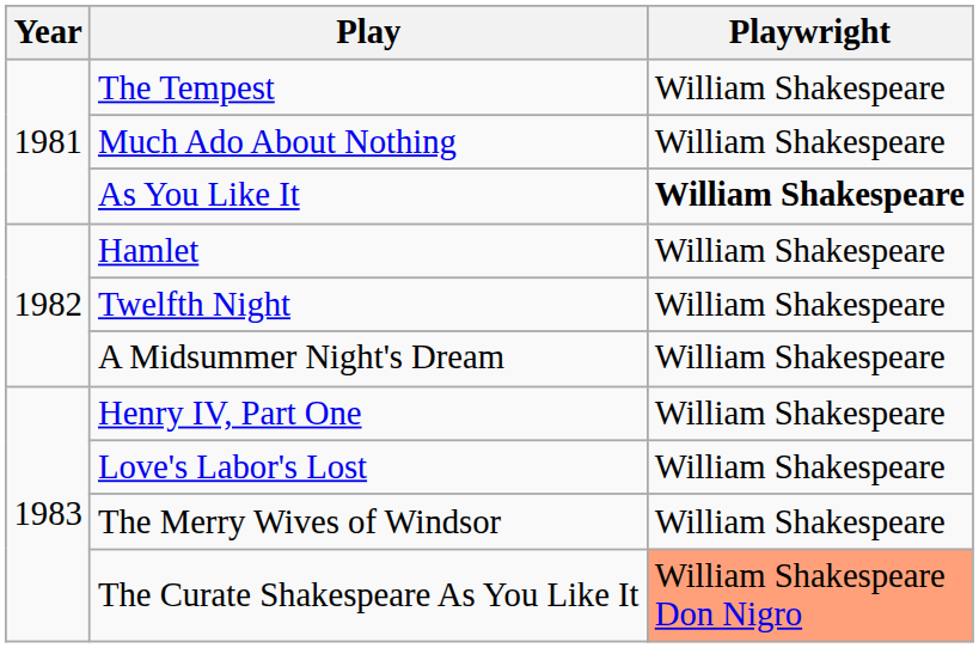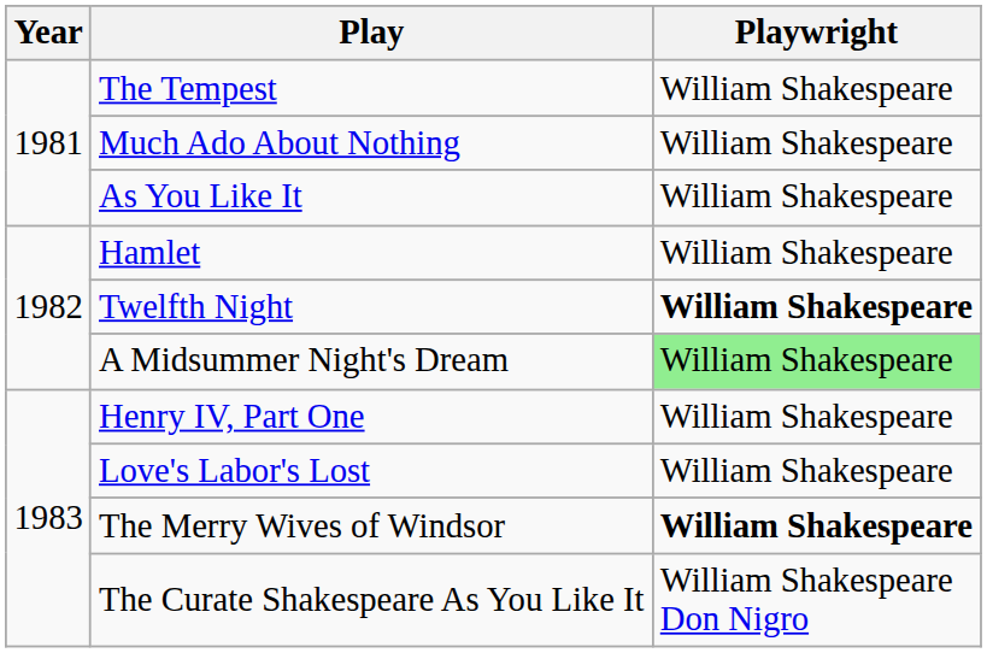 <table class="wikitable mw-collapsible">
 <tr>
 <th>Year</th>
 <th>Play</th>
 <th>Playwright</th>
 </tr>
 <tr>
 <td rowspan="3">1981</td>
 <td><a href='#'>The Tempest</a></td>
 <td>William Shakespeare</td>
 </tr>
 <tr>
 <td><a href='#'>Much Ado About Nothing</a></td>
 <td>William Shakespeare</td>
 </tr>
 <tr>
 <td><a href='#'>As You Like It</a></td>
-<td><strong>William Shakespeare</strong></td>
+<td>William Shakespeare</td>
 </tr>
 <tr>
 <td rowspan="3">1982</td>
 <td><a href='#'>Hamlet</a></td>
 <td>William Shakespeare</td>
 </tr>
 <tr>
 <td><a href='#'>Twelfth Night</a></td>
-<td>William Shakespeare</td>
+<td><strong>William Shakespeare</strong></td>
 </tr>
 <tr>
 <td>A Midsummer Night's Dream</td>
-<td>William Shakespeare</td>
+<td style="background: lightgreen;">William Shakespeare</td>
 </tr>
 <tr>
 <td rowspan="4">1983</td>
 <td><a href='#'>Henry IV, Part One</a></td>
 <td>William Shakespeare</td>
 </tr>
 <tr>
 <td><a href='#'>Love's Labor's Lost</a></td>
 <td>William Shakespeare</td>
 </tr>
 <tr>
 <td>The Merry Wives of Windsor</td>
-<td>William Shakespeare</td>
+<td><strong>William Shakespeare</strong></td>
 </tr>
 <tr>
 <td>The Curate Shakespeare As You Like It</td>
-<td style="background: lightsalmon;">William Shakespeare<br><a href='#'>Don Nigro</a></td>
+<td>William Shakespeare<br><a href='#'>Don Nigro</a></td>
 </tr>
 </table>
